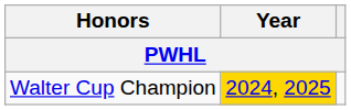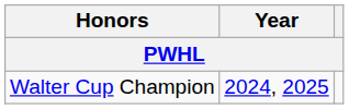 <table class="wikitable">
 <tr>
 <th>Honors</th>
 <th>Year</th>
 <th></th>
 </tr>
 <tr>
 <th colspan="3"><a href='#'>PWHL</a></th>
 </tr>
 <tr>
 <td><a href='#'>Walter Cup</a> Champion</td>
-<td style="background: gold;"><a href='#'>2024</a>, <a href='#'>2025</a></td>
+<td><a href='#'>2024</a>, <a href='#'>2025</a></td>
 <td></td>
 </tr>
 </table>
